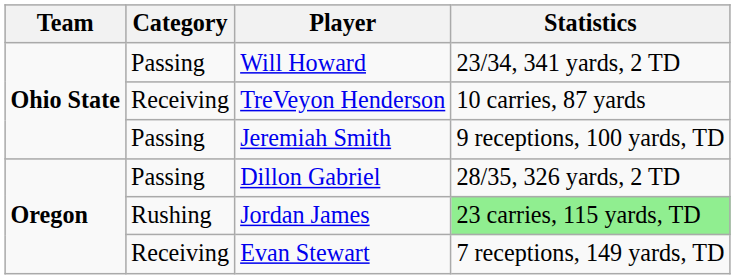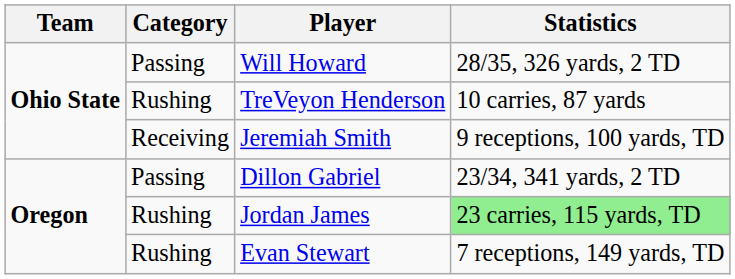 <table class="wikitable" style="float: right;">
 <tr>
 <th>Team</th>
 <th>Category</th>
 <th>Player</th>
 <th>Statistics</th>
 </tr>
 <tr>
 <td rowspan=3><strong>Ohio State</strong></td>
 <td>Passing</td>
 <td><a href='#'>Will Howard</a></td>
-<td>23/34, 341 yards, 2 TD</td>
+<td>28/35, 326 yards, 2 TD</td>
 </tr>
 <tr>
-<td>Receiving</td>
+<td>Rushing</td>
 <td><a href='#'>TreVeyon Henderson</a></td>
 <td>10 carries, 87 yards</td>
 </tr>
 <tr>
-<td>Passing</td>
+<td>Receiving</td>
 <td><a href='#'>Jeremiah Smith</a></td>
 <td>9 receptions, 100 yards, TD</td>
 </tr>
 <tr>
 <td rowspan=3><strong>Oregon</strong></td>
 <td>Passing</td>
 <td><a href='#'>Dillon Gabriel</a></td>
-<td>28/35, 326 yards, 2 TD</td>
+<td>23/34, 341 yards, 2 TD</td>
 </tr>
 <tr>
 <td>Rushing</td>
 <td><a href='#'>Jordan James</a></td>
 <td style="background: lightgreen;">23 carries, 115 yards, TD</td>
 </tr>
 <tr>
-<td>Receiving</td>
+<td>Rushing</td>
 <td><a href='#'>Evan Stewart</a></td>
 <td>7 receptions, 149 yards, TD</td>
 </tr>
 </table>
